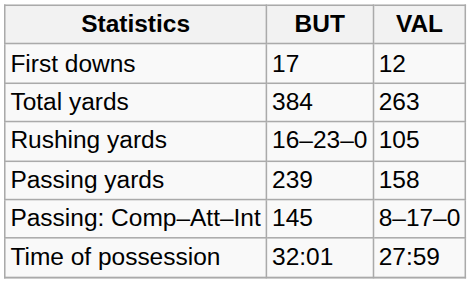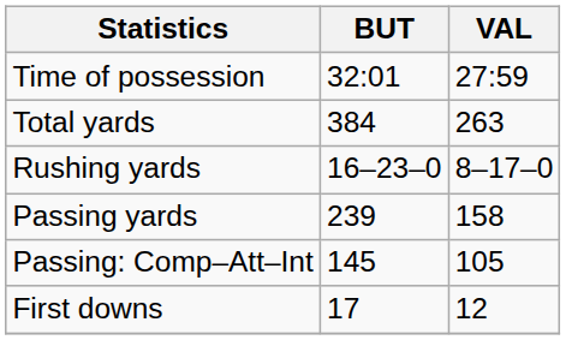 <table class="wikitable" style="float: left;">
 <tr>
 <th>Statistics</th>
 <th>BUT</th>
 <th>VAL</th>
 </tr>
 <tr>
-<td>First downs</td>
-<td>17</td>
-<td>12</td>
+<td>Time of possession</td>
+<td>32:01</td>
+<td>27:59</td>
 </tr>
 <tr>
 <td>Total yards</td>
 <td>384</td>
 <td>263</td>
 </tr>
 <tr>
 <td>Rushing yards</td>
 <td>16–23–0</td>
-<td>105</td>
+<td>8–17–0</td>
 </tr>
 <tr>
 <td>Passing yards</td>
 <td>239</td>
 <td>158</td>
 </tr>
 <tr>
 <td>Passing: Comp–Att–Int</td>
 <td>145</td>
-<td>8–17–0</td>
+<td>105</td>
 </tr>
 <tr>
-<td>Time of possession</td>
-<td>32:01</td>
-<td>27:59</td>
+<td>First downs</td>
+<td>17</td>
+<td>12</td>
 </tr>
 <tr>
 </tr>
 </table>
